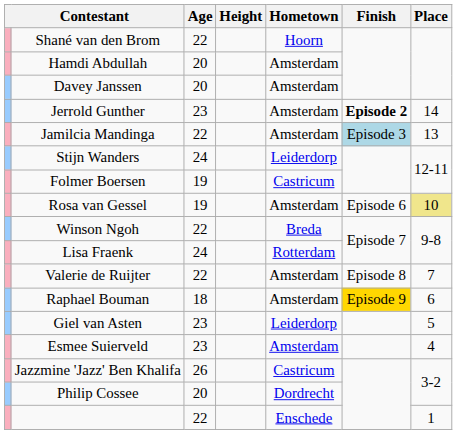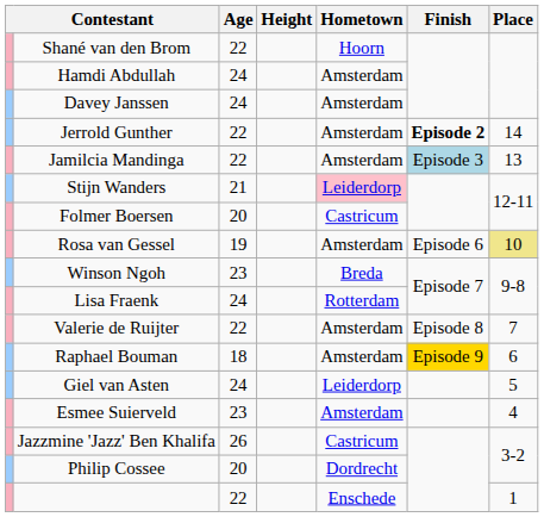 <table class="wikitable sortable" style="text-align:center;">
 <tr>
 <th colspan="2">Contestant</th>
 <th>Age</th>
 <th>Height</th>
 <th>Hometown</th>
 <th>Finish</th>
 <th>Place</th>
 </tr>
 <tr>
 <th style="background:#faafbe"></th>
 <td>Shané van den Brom</td>
 <td>22</td>
 <td></td>
 <td><a href='#'>Hoorn</a></td>
 <td rowspan="3"></td>
 <td rowspan="3"></td>
 </tr>
 <tr>
 <th style="background:#faafbe"></th>
 <td>Hamdi Abdullah</td>
-<td>20</td>
+<td>24</td>
 <td></td>
 <td>Amsterdam</td>
 </tr>
 <tr>
 <th style="background:#9cf;"></th>
 <td>Davey Janssen</td>
-<td>20</td>
+<td>24</td>
 <td></td>
 <td>Amsterdam</td>
 </tr>
 <tr>
 <th style="background:#9cf;"></th>
 <td>Jerrold Gunther</td>
-<td>23</td>
+<td>22</td>
 <td></td>
 <td>Amsterdam</td>
 <td><strong>Episode 2</strong></td>
 <td>14</td>
 </tr>
 <tr>
 <th style="background:#faafbe"></th>
 <td>Jamilcia Mandinga</td>
 <td>22</td>
 <td></td>
 <td>Amsterdam</td>
 <td style="background: lightblue;">Episode 3</td>
 <td>13</td>
 </tr>
 <tr>
 <th style="background:#9cf;"></th>
 <td>Stijn Wanders</td>
-<td>24</td>
+<td>21</td>
 <td></td>
-<td><a href='#'>Leiderdorp</a></td>
+<td style="background: pink;"><a href='#'>Leiderdorp</a></td>
 <td rowspan="2"></td>
 <td rowspan="2">12-11</td>
 </tr>
 <tr>
 <th style="background:#faafbe"></th>
 <td>Folmer Boersen</td>
-<td>19</td>
+<td>20</td>
 <td></td>
 <td><a href='#'>Castricum</a></td>
 </tr>
 <tr>
 <th style="background:#faafbe"></th>
 <td>Rosa van Gessel</td>
 <td>19</td>
 <td></td>
 <td>Amsterdam</td>
 <td>Episode 6</td>
 <td style="background: khaki;">10</td>
 </tr>
 <tr>
 <th style="background:#9cf;"></th>
 <td>Winson Ngoh</td>
-<td>22</td>
+<td>23</td>
 <td></td>
 <td><a href='#'>Breda</a></td>
 <td rowspan="2">Episode 7</td>
 <td Rowspan="2">9-8</td>
 </tr>
 <tr>
 <th style="background:#faafbe"></th>
 <td>Lisa Fraenk</td>
 <td>24</td>
 <td></td>
 <td><a href='#'>Rotterdam</a></td>
 </tr>
 <tr>
 <th style="background:#faafbe"></th>
 <td>Valerie de Ruijter</td>
 <td>22</td>
 <td></td>
 <td>Amsterdam</td>
 <td>Episode 8</td>
 <td>7</td>
 </tr>
 <tr>
 <th style="background:#9cf;"></th>
 <td>Raphael Bouman</td>
 <td>18</td>
 <td></td>
 <td>Amsterdam</td>
 <td style="background: gold;">Episode 9</td>
 <td>6</td>
 </tr>
 <tr>
 <th style="background:#9cf;"></th>
 <td>Giel van Asten</td>
-<td>23</td>
+<td>24</td>
 <td></td>
 <td><a href='#'>Leiderdorp</a></td>
 <td></td>
 <td>5</td>
 </tr>
 <tr>
 <th style="background:#faafbe"></th>
 <td>Esmee Suierveld</td>
 <td>23</td>
 <td></td>
 <td><a href='#'>Amsterdam</a></td>
 <td></td>
 <td>4</td>
 </tr>
 <tr>
 <th style="background:#faafbe"></th>
 <td>Jazzmine 'Jazz' Ben Khalifa</td>
 <td>26</td>
 <td></td>
 <td><a href='#'>Castricum</a></td>
 <td rowspan="3"></td>
 <td rowspan="2">3-2</td>
 </tr>
 <tr>
 <th style="background:#9cf;"></th>
 <td>Philip Cossee</td>
 <td>20</td>
 <td></td>
 <td><a href='#'>Dordrecht</a></td>
 </tr>
 <tr>
 <th style="background:#faafbe"></th>
 <td></td>
 <td>22</td>
 <td></td>
 <td><a href='#'>Enschede</a></td>
 <td>1</td>
 </tr>
 </table>
